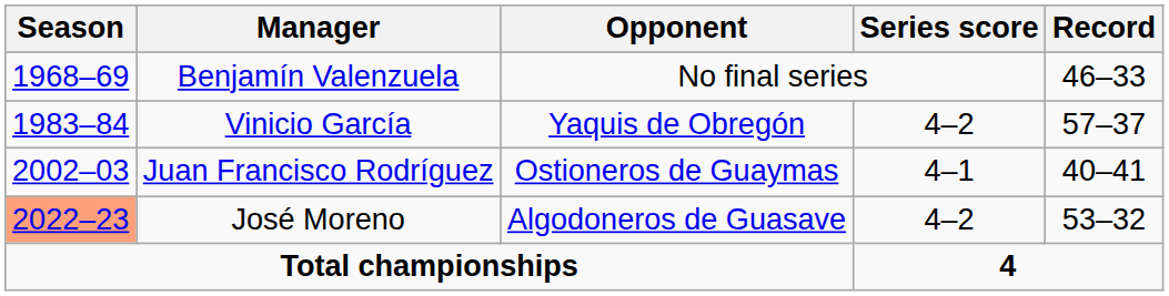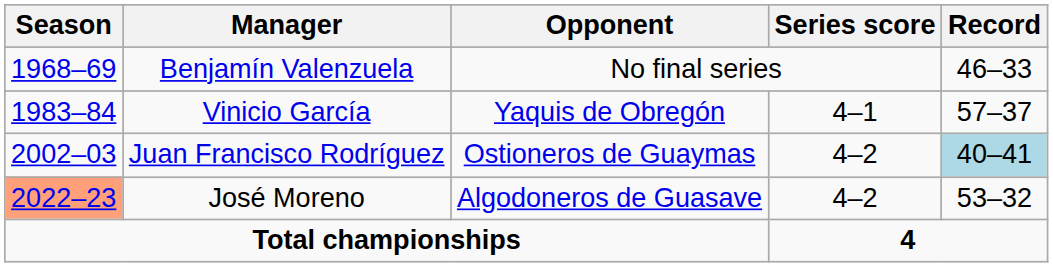 <table class="wikitable plainrowheaders sortable" style="text-align:center;">
 <tr>
 <th scope="col">Season</th>
 <th scope="col">Manager</th>
 <th scope="col">Opponent</th>
 <th scope="col">Series score</th>
 <th scope="col">Record</th>
 </tr>
 <tr>
 <td><a href='#'>1968–69</a></td>
 <td><a href='#'>Benjamín Valenzuela</a></td>
 <td colspan=2>No final series</td>
 <td>46–33</td>
 </tr>
 <tr>
 <td><a href='#'>1983–84</a></td>
 <td><a href='#'>Vinicio García</a></td>
 <td><a href='#'>Yaquis de Obregón</a></td>
-<td>4–2</td>
+<td>4–1</td>
 <td>57–37</td>
 </tr>
 <tr>
 <td><a href='#'>2002–03</a></td>
 <td><a href='#'>Juan Francisco Rodríguez</a></td>
 <td><a href='#'>Ostioneros de Guaymas</a></td>
-<td>4–1</td>
-<td>40–41</td>
+<td>4–2</td>
+<td style="background: lightblue;">40–41</td>
 </tr>
 <tr>
 <td style="background: lightsalmon;"><a href='#'>2022–23</a></td>
 <td>José Moreno</td>
 <td><a href='#'>Algodoneros de Guasave</a></td>
 <td>4–2</td>
 <td>53–32</td>
 </tr>
 <tr style="text-align:center; ">
 <td colspan="3"><strong>Total championships</strong></td>
 <td colspan="2"><strong>4</strong></td>
 </tr>
 </table>
